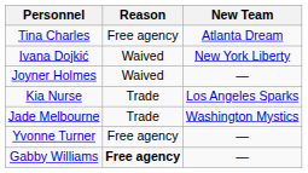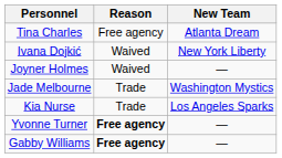 <table class="wikitable" style="text-align: center">
 <tr align="center"  bgcolor="#dddddd">
 <th><strong>Personnel</strong></th>
 <th><strong>Reason</strong></th>
 <th><strong>New Team</strong></th>
 </tr>
 <tr>
 <td><a href='#'>Tina Charles</a></td>
 <td>Free agency</td>
 <td><a href='#'>Atlanta Dream</a></td>
 </tr>
 <tr>
 <td><a href='#'>Ivana Dojkić</a></td>
 <td>Waived</td>
 <td><a href='#'>New York Liberty</a></td>
 </tr>
 <tr>
 <td><a href='#'>Joyner Holmes</a></td>
 <td>Waived</td>
 <td>—</td>
 </tr>
 <tr>
+<td><a href='#'>Jade Melbourne</a></td>
+<td>Trade</td>
+<td><a href='#'>Washington Mystics</a></td>
+</tr>
+<tr>
 <td><a href='#'>Kia Nurse</a></td>
 <td>Trade</td>
 <td><a href='#'>Los Angeles Sparks</a></td>
 </tr>
 <tr>
-<td><a href='#'>Jade Melbourne</a></td>
-<td>Trade</td>
-<td><a href='#'>Washington Mystics</a></td>
-</tr>
-<tr>
 <td><a href='#'>Yvonne Turner</a></td>
-<td>Free agency</td>
+<td><strong>Free agency</strong></td>
 <td>—</td>
 </tr>
 <tr>
 <td><a href='#'>Gabby Williams</a></td>
 <td><strong>Free agency</strong></td>
 <td>—</td>
 </tr>
 </table>
